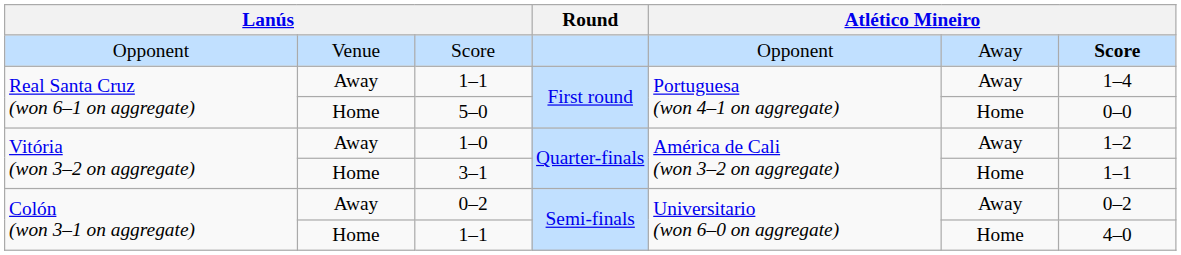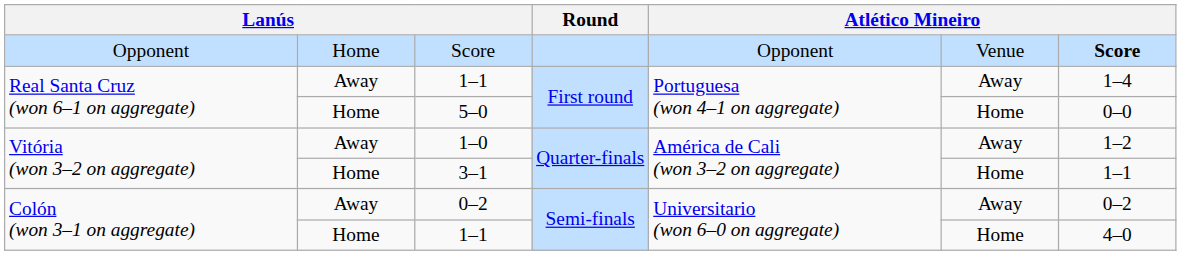 <table class="wikitable" style="text-align: center;">
 <tr>
 <th colspan=3> <a href='#'>Lanús</a></th>
 <th>Round</th>
 <th colspan=3> <a href='#'>Atlético Mineiro</a></th>
 </tr>
 <tr bgcolor=#c1e0ff>
 <td width=25%>Opponent</td>
-<td width=10%>Venue</td>
+<td>Home</td>
 <td width=10%>Score</td>
 <td width=10%></td>
 <td width=25%>Opponent</td>
-<td>Away</td>
+<td width=10%>Venue</td>
 <td width=10%><strong>Score</strong></td>
 </tr>
 <tr>
 <td rowspan=2 align=left> <a href='#'>Real Santa Cruz</a><br><em>(won 6–1 on aggregate)</em></td>
 <td>Away</td>
 <td>1–1</td>
 <td rowspan=2 bgcolor=#c1e0ff><a href='#'>First round</a></td>
 <td rowspan=2 align=left> <a href='#'>Portuguesa</a><br><em>(won 4–1 on aggregate)</em></td>
 <td>Away</td>
 <td>1–4</td>
 </tr>
 <tr>
 <td>Home</td>
 <td>5–0</td>
 <td>Home</td>
 <td>0–0</td>
 </tr>
 <tr>
 <td rowspan=2 align=left> <a href='#'>Vitória</a><br><em>(won 3–2 on aggregate)</em></td>
 <td>Away</td>
 <td>1–0</td>
 <td rowspan=2 bgcolor=#c1e0ff><a href='#'>Quarter-finals</a></td>
 <td rowspan=2 align=left> <a href='#'>América de Cali</a><br><em>(won 3–2 on aggregate)</em></td>
 <td>Away</td>
 <td>1–2</td>
 </tr>
 <tr>
 <td>Home</td>
 <td>3–1</td>
 <td>Home</td>
 <td>1–1</td>
 </tr>
 <tr>
 <td rowspan=2 align=left> <a href='#'>Colón</a><br><em>(won 3–1 on aggregate)</em></td>
 <td>Away</td>
 <td>0–2</td>
 <td rowspan=2 bgcolor=#c1e0ff><a href='#'>Semi-finals</a></td>
 <td rowspan=2 align=left> <a href='#'>Universitario</a><br><em>(won 6–0 on aggregate)</em></td>
 <td>Away</td>
 <td>0–2</td>
 </tr>
 <tr>
 <td>Home</td>
 <td>1–1</td>
 <td>Home</td>
 <td>4–0</td>
 </tr>
 </table>
